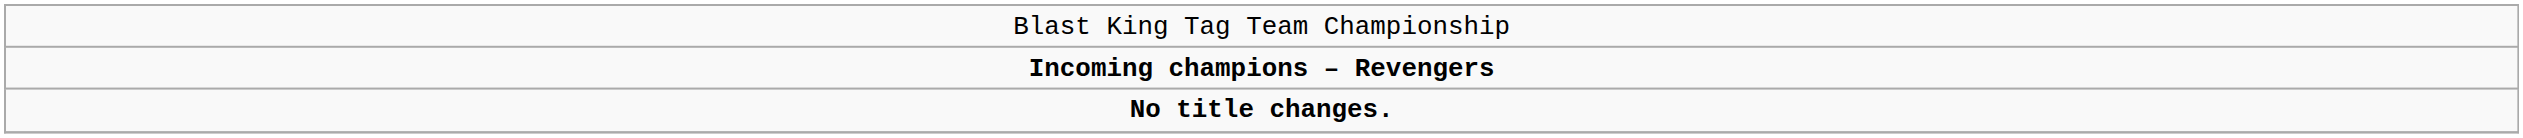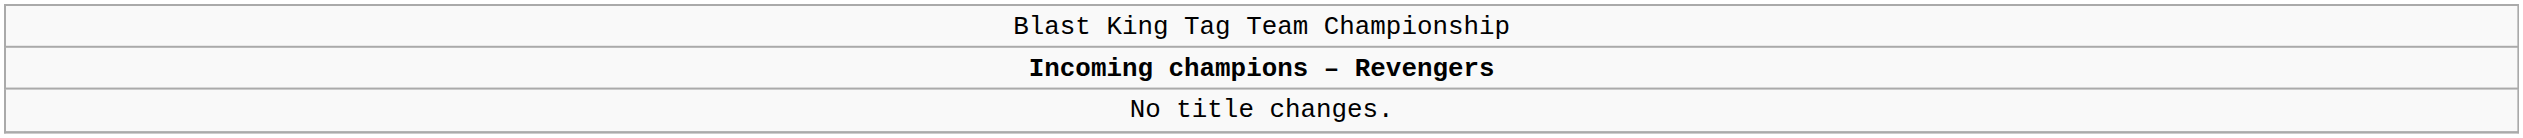 <table class="wikitable" style="text-align:center; width:100%;">
 <tr>
 <td colspan="5" style="text-align: center;">Blast King Tag Team Championship</td>
 </tr>
 <tr>
 <td colspan="5" style="text-align: center;"><strong>Incoming champions – Revengers </strong></td>
 </tr>
 <tr>
-<td><strong>No title changes.</strong></td>
+<td>No title changes.</td>
 </tr>
 <tr>
 </tr>
 </table>
